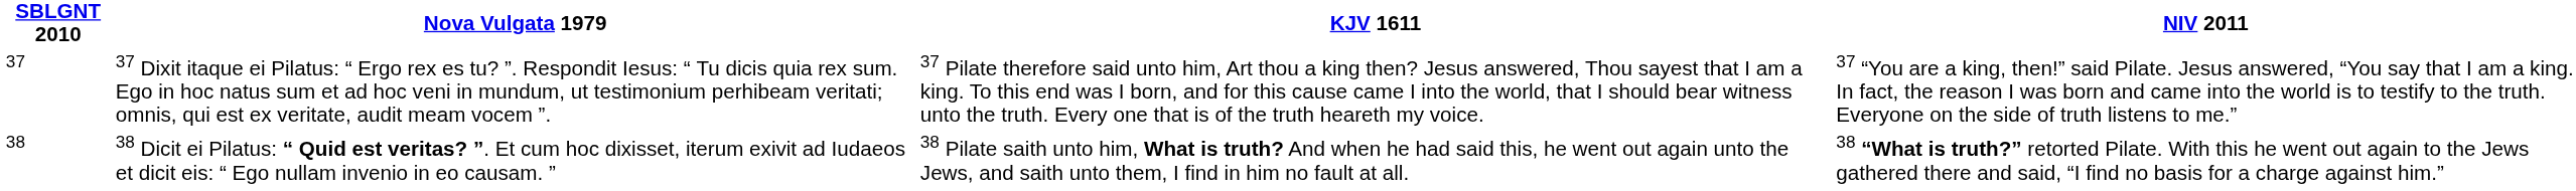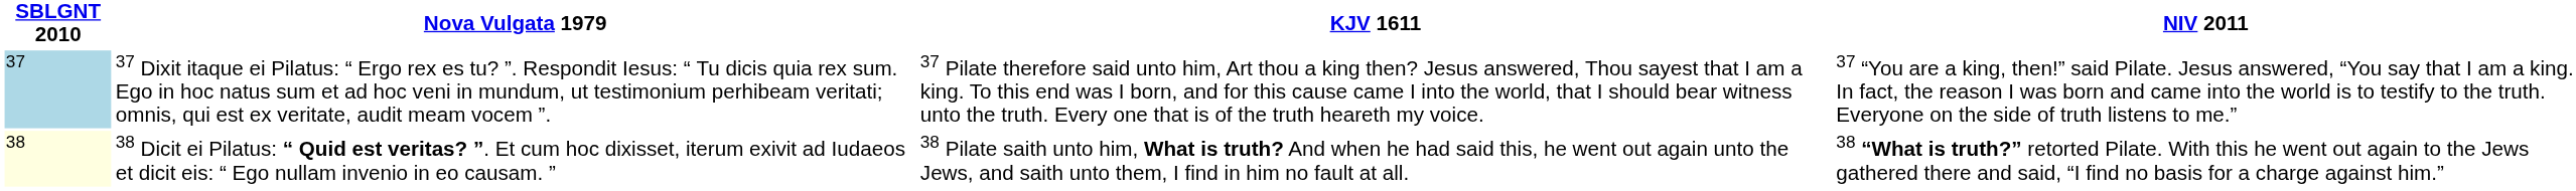 <table>
 <tr>
 <th><a href='#'>SBLGNT</a> 2010</th>
 <th><a href='#'>Nova Vulgata</a> 1979</th>
 <th><a href='#'>KJV</a> 1611</th>
 <th><a href='#'>NIV</a> 2011</th>
 </tr>
 <tr style="vertical-align:top;">
-<td><sup>37</sup> </td>
+<td style="background: lightblue;"><sup>37</sup> </td>
 <td><sup>37</sup> Dixit itaque ei Pilatus: “ Ergo rex es tu? ”. Respondit Iesus: “ Tu dicis quia rex sum. Ego in hoc natus sum et ad hoc veni in mundum, ut testimonium perhibeam veritati; omnis, qui est ex veritate, audit meam vocem ”.</td>
 <td><sup>37</sup> Pilate therefore said unto him, Art thou a king then? Jesus answered, Thou sayest that I am a king. To this end was I born, and for this cause came I into the world, that I should bear witness unto the truth. Every one that is of the truth heareth my voice.</td>
 <td><sup>37</sup> “You are a king, then!” said Pilate. Jesus answered, “You say that I am a king. In fact, the reason I was born and came into the world is to testify to the truth. Everyone on the side of truth listens to me.”</td>
 </tr>
 <tr style="vertical-align:top;">
-<td><sup>38</sup> </td>
+<td style="background: lightyellow;"><sup>38</sup> </td>
 <td><sup>38</sup> Dicit ei Pilatus: <strong>“ Quid est veritas? ”</strong>. Et cum hoc dixisset, iterum exivit ad Iudaeos et dicit eis: “ Ego nullam invenio in eo causam. ”</td>
 <td><sup>38</sup> Pilate saith unto him, <strong>What is truth?</strong> And when he had said this, he went out again unto the Jews, and saith unto them, I find in him no fault at all.</td>
 <td><sup>38</sup> <strong>“What is truth?”</strong> retorted Pilate. With this he went out again to the Jews gathered there and said, “I find no basis for a charge against him.”</td>
 </tr>
 </table>
